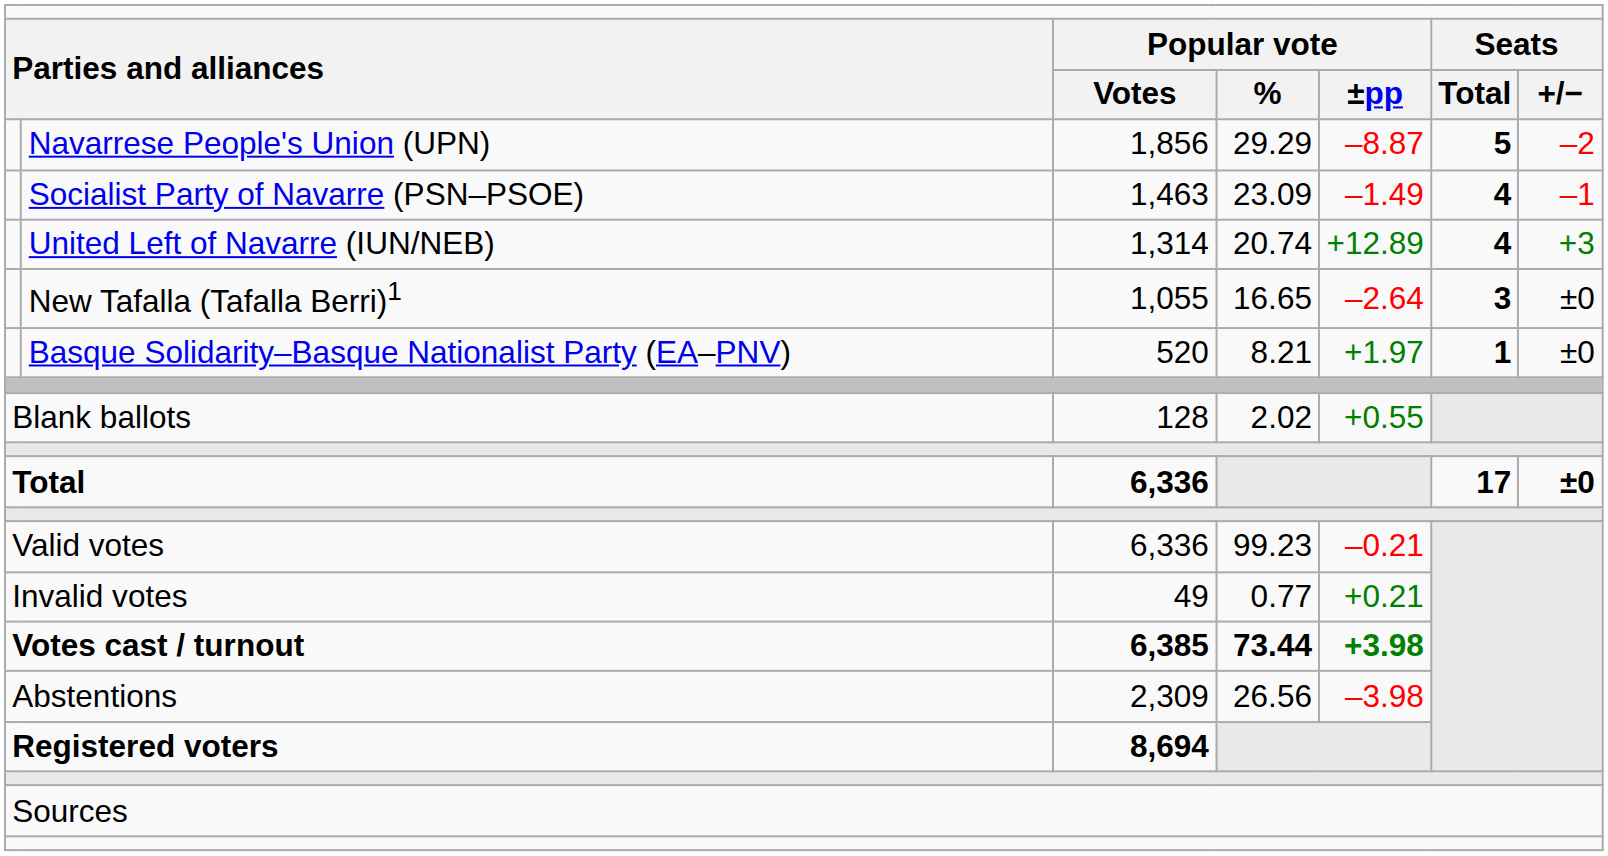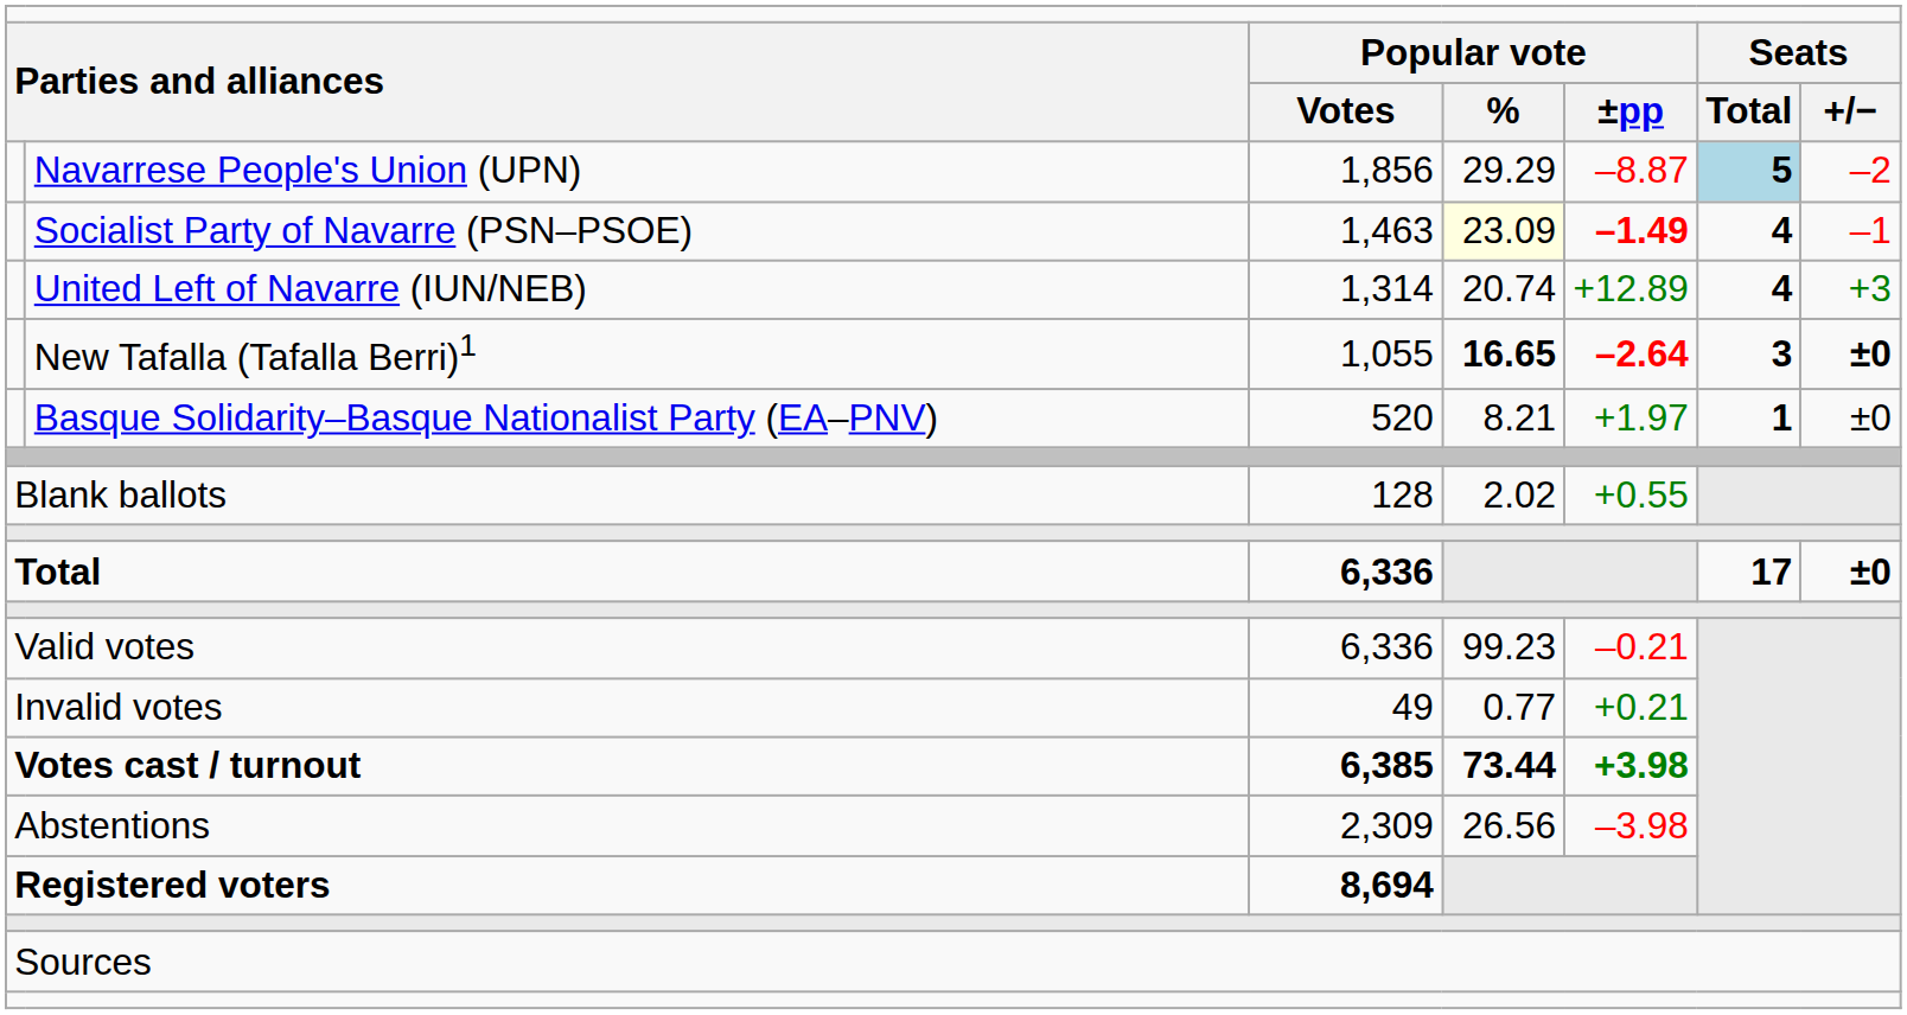 <table class="wikitable" style="text-align:right;">
 <tr>
 <td colspan="7"></td>
 </tr>
 <tr>
 <th style="text-align:left;" rowspan="2" colspan="2" width="525">Parties and alliances</th>
 <th colspan="3">Popular vote</th>
 <th colspan="2">Seats</th>
 </tr>
 <tr>
 <th width="75">Votes</th>
 <th width="45">%</th>
 <th width="45">±<a href='#'>pp</a></th>
 <th width="35">Total</th>
 <th width="35">+/−</th>
 </tr>
 <tr>
 <td width="1" style="color:inherit;background:"></td>
 <td align="left"><a href='#'>Navarrese People's Union</a> (UPN)</td>
 <td>1,856</td>
 <td>29.29</td>
 <td style="color:red;">–8.87</td>
-<td><strong>5</strong></td>
+<td style="background: lightblue;"><strong>5</strong></td>
 <td style="color:red;">–2</td>
 </tr>
 <tr>
 <td style="color:inherit;background:"></td>
 <td align="left"><a href='#'>Socialist Party of Navarre</a> (PSN–PSOE)</td>
 <td>1,463</td>
-<td>23.09</td>
-<td style="color:red;">–1.49</td>
+<td style="background: lightyellow;">23.09</td>
+<td style="color:red;"><strong>–1.49</strong></td>
 <td><strong>4</strong></td>
 <td style="color:red;">–1</td>
 </tr>
 <tr>
 <td style="color:inherit;background:"></td>
 <td align="left"><a href='#'>United Left of Navarre</a> (IUN/NEB)</td>
 <td>1,314</td>
 <td>20.74</td>
 <td style="color:green;">+12.89</td>
 <td><strong>4</strong></td>
 <td style="color:green;">+3</td>
 </tr>
 <tr>
 <td style="color:inherit;background:"></td>
 <td align="left">New Tafalla (Tafalla Berri)<sup>1</sup></td>
 <td>1,055</td>
-<td>16.65</td>
-<td style="color:red;">–2.64</td>
+<td><strong>16.65</strong></td>
+<td style="color:red;"><strong>–2.64</strong></td>
 <td><strong>3</strong></td>
-<td>±0</td>
+<td><strong>±0</strong></td>
 </tr>
 <tr>
 <td style="color:inherit;background:"></td>
 <td align="left"><a href='#'>Basque Solidarity–Basque Nationalist Party</a> (<a href='#'>EA</a>–<a href='#'>PNV</a>)</td>
 <td>520</td>
 <td>8.21</td>
 <td style="color:green;">+1.97</td>
 <td><strong>1</strong></td>
 <td>±0</td>
 </tr>
 <tr>
 <td colspan="7" bgcolor="#C0C0C0"></td>
 </tr>
 <tr>
 <td align="left" colspan="2">Blank ballots</td>
 <td>128</td>
 <td>2.02</td>
 <td style="color:green;">+0.55</td>
 <td bgcolor="#E9E9E9" colspan="2"></td>
 </tr>
 <tr>
 <td colspan="7" bgcolor="#E9E9E9"></td>
 </tr>
 <tr style="font-weight:bold;">
 <td align="left" colspan="2">Total</td>
 <td>6,336</td>
 <td bgcolor="#E9E9E9" colspan="2"></td>
 <td>17</td>
 <td>±0</td>
 </tr>
 <tr>
 <td colspan="7" bgcolor="#E9E9E9"></td>
 </tr>
 <tr>
 <td align="left" colspan="2">Valid votes</td>
 <td>6,336</td>
 <td>99.23</td>
 <td style="color:red;">–0.21</td>
 <td bgcolor="#E9E9E9" colspan="2" rowspan="5"></td>
 </tr>
 <tr>
 <td align="left" colspan="2">Invalid votes</td>
 <td>49</td>
 <td>0.77</td>
 <td style="color:green;">+0.21</td>
 </tr>
 <tr style="font-weight:bold;">
 <td align="left" colspan="2">Votes cast / turnout</td>
 <td>6,385</td>
 <td>73.44</td>
 <td style="color:green;">+3.98</td>
 </tr>
 <tr>
 <td align="left" colspan="2">Abstentions</td>
 <td>2,309</td>
 <td>26.56</td>
 <td style="color:red;">–3.98</td>
 </tr>
 <tr style="font-weight:bold;">
 <td align="left" colspan="2">Registered voters</td>
 <td>8,694</td>
 <td bgcolor="#E9E9E9" colspan="2"></td>
 </tr>
 <tr>
 <td colspan="7" bgcolor="#E9E9E9"></td>
 </tr>
 <tr>
 <td align="left" colspan="7">Sources</td>
 </tr>
 <tr>
 <td colspan="7" style="text-align:left; max-width:790px;"></td>
 </tr>
 </table>
